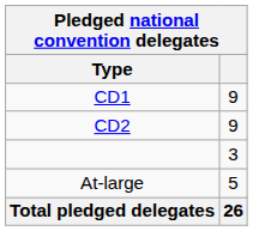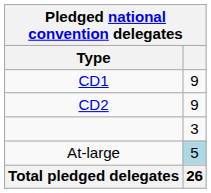 <table class="wikitable sortable" style="font-size:90%;text-align:center;float:none;padding:5px;">
 <tr>
 <th colspan="2">Pledged <a href='#'>national<br>convention</a> delegates</th>
 </tr>
 <tr>
 <th>Type</th>
 <th></th>
 </tr>
 <tr>
 <td><a href='#'>CD1</a></td>
 <td>9</td>
 </tr>
 <tr>
 <td><a href='#'>CD2</a></td>
 <td>9</td>
 </tr>
 <tr>
 <td></td>
 <td>3</td>
 </tr>
 <tr>
 <td>At-large</td>
-<td>5</td>
+<td style="background: lightblue;">5</td>
 </tr>
 <tr>
 <th>Total pledged delegates</th>
 <th>26</th>
 </tr>
 </table>
